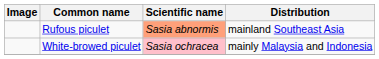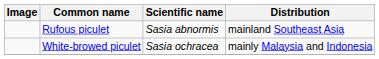 <table class="wikitable">
 <tr>
 <th>Image</th>
 <th>Common name</th>
 <th>Scientific name</th>
 <th>Distribution</th>
 </tr>
 <tr>
 <td></td>
 <td><a href='#'>Rufous piculet</a></td>
-<td style="background: lightsalmon;"><em>Sasia abnormis</em></td>
+<td><em>Sasia abnormis</em></td>
 <td>mainland <a href='#'>Southeast Asia</a></td>
 </tr>
 <tr>
 <td></td>
 <td><a href='#'>White-browed piculet</a></td>
-<td style="background: pink;"><em>Sasia ochracea</em></td>
+<td><em>Sasia ochracea</em></td>
 <td>mainly <a href='#'>Malaysia</a> and <a href='#'>Indonesia</a></td>
 </tr>
 <tr>
 </tr>
 </table>
